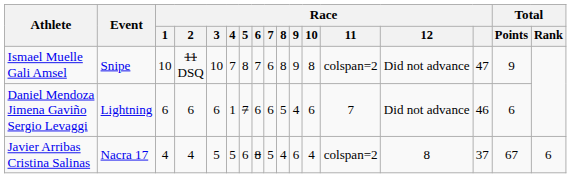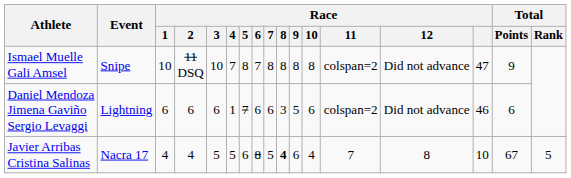 <table class=wikitable style=font-size:90%;text-align:center>
 <tr>
 <th rowspan=2>Athlete</th>
 <th rowspan=2>Event</th>
 <th colspan=13>Race</th>
 <th colspan=2>Total</th>
 </tr>
 <tr style=font-size:95%>
 <th>1</th>
 <th>2</th>
 <th>3</th>
 <th>4</th>
 <th>5</th>
 <th>6</th>
 <th>7</th>
 <th>8</th>
 <th>9</th>
 <th>10</th>
 <th>11</th>
 <th>12</th>
 <th></th>
 <th>Points</th>
 <th>Rank</th>
 </tr>
 <tr>
 <td align=left><a href='#'>Ismael Muelle</a><br><a href='#'>Gali Amsel</a></td>
 <td align=left><a href='#'>Snipe</a></td>
 <td>10</td>
 <td><s>11</s><br>DSQ</td>
 <td>10</td>
 <td>7</td>
 <td>8</td>
 <td>7</td>
-<td>6</td>
 <td>8</td>
-<td>9</td>
+<td>8</td>
+<td>8</td>
 <td>8</td>
 <td>colspan=2 </td>
 <td>Did not advance</td>
 <td>47</td>
 <td>9</td>
 </tr>
 <tr>
 <td align=left><a href='#'>Daniel Mendoza</a><br><a href='#'>Jimena Gaviño</a><br><a href='#'>Sergio Levaggi</a></td>
 <td align=left><a href='#'>Lightning</a></td>
 <td>6</td>
 <td>6</td>
 <td>6</td>
 <td>1</td>
 <td><s>7</s></td>
 <td>6</td>
 <td>6</td>
+<td>3</td>
 <td>5</td>
-<td>4</td>
 <td>6</td>
-<td>7</td>
+<td>colspan=2 </td>
 <td>Did not advance</td>
 <td>46</td>
 <td>6</td>
 </tr>
 <tr>
 <td align=left><a href='#'>Javier Arribas</a><br><a href='#'>Cristina Salinas</a></td>
 <td align=left><a href='#'>Nacra 17</a></td>
 <td>4</td>
 <td>4</td>
 <td>5</td>
 <td>5</td>
 <td>6</td>
 <td><s>8</s></td>
 <td>5</td>
-<td>4</td>
+<td><strong>4</strong></td>
 <td>6</td>
 <td>4</td>
-<td>colspan=2 </td>
+<td>7</td>
 <td>8</td>
-<td>37</td>
+<td>10</td>
 <td>67</td>
-<td>6</td>
+<td>5</td>
 </tr>
 </table>
